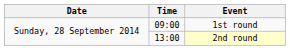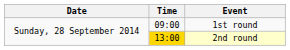 <table class = "wikitable" style="text-align:center;">
 <tr>
 <th width=220>Date</th>
 <th width=50>Time</th>
 <th width=150>Event</th>
 </tr>
 <tr>
 <td rowspan=2>Sunday, 28 September 2014</td>
 <td>09:00</td>
 <td>1st round</td>
 </tr>
 <tr>
-<td>13:00</td>
+<td style="background: gold;">13:00</td>
 <td bgcolor=ffffcc>2nd round</td>
 </tr>
 </table>
